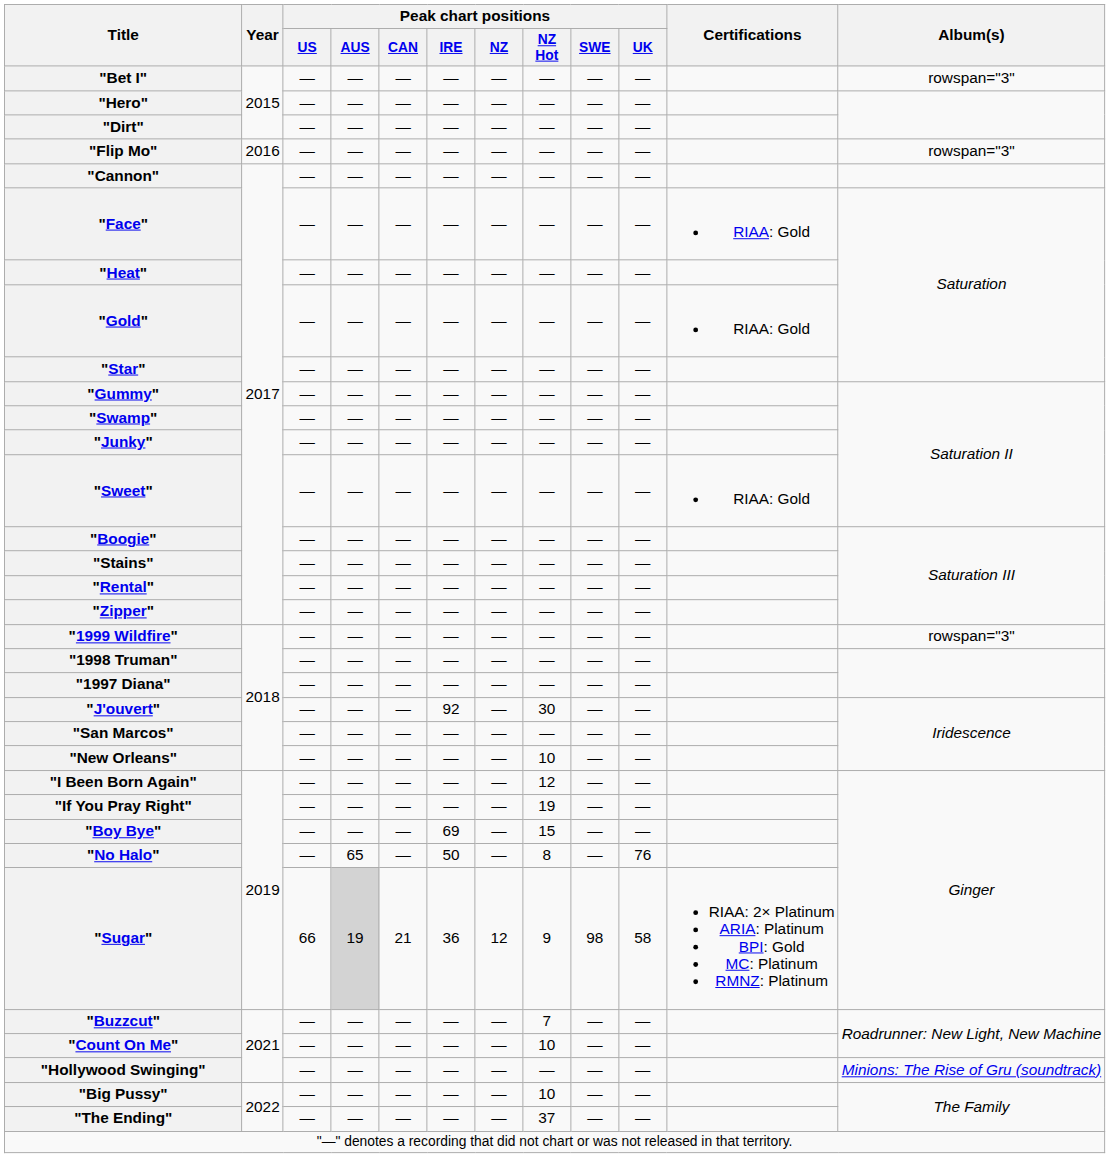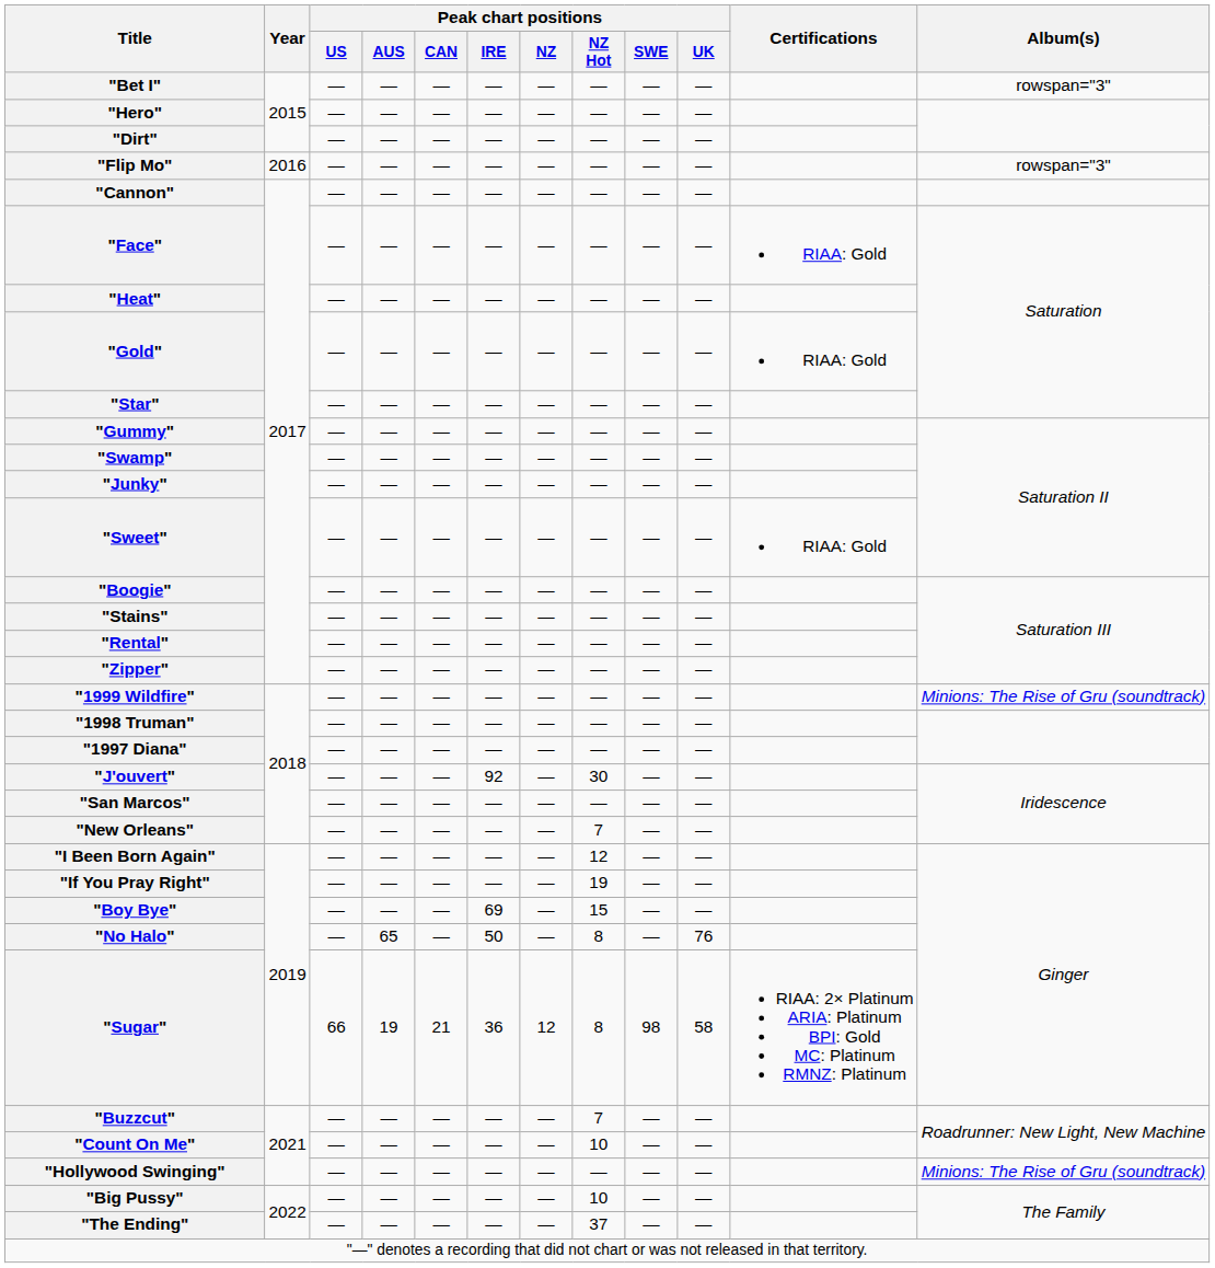 <table class="wikitable plainrowheaders" style="text-align:center">
 <tr>
 <th scope="col" rowspan="2" style="width:15em;">Title</th>
 <th scope="col" rowspan="2" style="width:2em;">Year</th>
 <th scope="col" colspan="8">Peak chart positions</th>
 <th scope="col" rowspan="2">Certifications</th>
 <th scope="col" rowspan="2">Album(s)</th>
 </tr>
 <tr>
 <th scope="col" style="width:3em;font-size:90%;"><a href='#'>US</a><br></th>
 <th scope="col" style="width:3em;font-size:90%;"><a href='#'>AUS</a><br></th>
 <th scope="col" style="width:3em;font-size:90%;"><a href='#'>CAN</a><br></th>
 <th scope="col" style="width:3em;font-size:90%;"><a href='#'>IRE</a><br></th>
 <th scope="col" style="width:3em;font-size:90%;"><a href='#'>NZ</a><br></th>
 <th scope="col" style="width:3em;font-size:90%;"><a href='#'>NZ<br>Hot</a><br></th>
 <th scope="col" style="width:3em;font-size:90%;"><a href='#'>SWE</a><br></th>
 <th scope="col" style="width:3em;font-size:90%;"><a href='#'>UK</a><br></th>
 </tr>
 <tr>
 <th scope="row">"Bet I"</th>
 <td rowspan="3">2015</td>
 <td>—</td>
 <td>—</td>
 <td>—</td>
 <td>—</td>
 <td>—</td>
 <td>—</td>
 <td>—</td>
 <td>—</td>
 <td></td>
 <td>rowspan="3" </td>
 </tr>
 <tr>
 <th scope="row">"Hero"</th>
 <td>—</td>
 <td>—</td>
 <td>—</td>
 <td>—</td>
 <td>—</td>
 <td>—</td>
 <td>—</td>
 <td>—</td>
 <td></td>
 </tr>
 <tr>
 <th scope="row">"Dirt"</th>
 <td>—</td>
 <td>—</td>
 <td>—</td>
 <td>—</td>
 <td>—</td>
 <td>—</td>
 <td>—</td>
 <td>—</td>
 <td></td>
 </tr>
 <tr>
 <th scope="row">"Flip Mo"</th>
 <td>2016</td>
 <td>—</td>
 <td>—</td>
 <td>—</td>
 <td>—</td>
 <td>—</td>
 <td>—</td>
 <td>—</td>
 <td>—</td>
 <td></td>
 <td>rowspan="3" </td>
 </tr>
 <tr>
 <th scope="row">"Cannon"</th>
 <td rowspan="13">2017</td>
 <td>—</td>
 <td>—</td>
 <td>—</td>
 <td>—</td>
 <td>—</td>
 <td>—</td>
 <td>—</td>
 <td>—</td>
 <td></td>
 <td></td>
 </tr>
 <tr>
 <th scope="row">"<a href='#'>Face</a>"</th>
 <td>—</td>
 <td>—</td>
 <td>—</td>
 <td>—</td>
 <td>—</td>
 <td>—</td>
 <td>—</td>
 <td>—</td>
 <td><br><ul><li><a href='#'>RIAA</a>: Gold</li></ul></td>
 <td rowspan="4"><em>Saturation</em></td>
 </tr>
 <tr>
 <th scope="row">"<a href='#'>Heat</a>"</th>
 <td>—</td>
 <td>—</td>
 <td>—</td>
 <td>—</td>
 <td>—</td>
 <td>—</td>
 <td>—</td>
 <td>—</td>
 <td></td>
 </tr>
 <tr>
 <th scope="row">"<a href='#'>Gold</a>"</th>
 <td>—</td>
 <td>—</td>
 <td>—</td>
 <td>—</td>
 <td>—</td>
 <td>—</td>
 <td>—</td>
 <td>—</td>
 <td><br><ul><li>RIAA: Gold</li></ul></td>
 </tr>
 <tr>
 <th scope="row">"<a href='#'>Star</a>"</th>
 <td>—</td>
 <td>—</td>
 <td>—</td>
 <td>—</td>
 <td>—</td>
 <td>—</td>
 <td>—</td>
 <td>—</td>
 <td></td>
 </tr>
 <tr>
 <th scope="row">"<a href='#'>Gummy</a>"</th>
 <td>—</td>
 <td>—</td>
 <td>—</td>
 <td>—</td>
 <td>—</td>
 <td>—</td>
 <td>—</td>
 <td>—</td>
 <td></td>
 <td rowspan="4"><em>Saturation II</em></td>
 </tr>
 <tr>
 <th scope="row">"<a href='#'>Swamp</a>"</th>
 <td>—</td>
 <td>—</td>
 <td>—</td>
 <td>—</td>
 <td>—</td>
 <td>—</td>
 <td>—</td>
 <td>—</td>
 <td></td>
 </tr>
 <tr>
 <th scope="row">"<a href='#'>Junky</a>"</th>
 <td>—</td>
 <td>—</td>
 <td>—</td>
 <td>—</td>
 <td>—</td>
 <td>—</td>
 <td>—</td>
 <td>—</td>
 <td></td>
 </tr>
 <tr>
 <th scope="row">"<a href='#'>Sweet</a>"</th>
 <td>—</td>
 <td>—</td>
 <td>—</td>
 <td>—</td>
 <td>—</td>
 <td>—</td>
 <td>—</td>
 <td>—</td>
 <td><br><ul><li>RIAA: Gold</li></ul></td>
 </tr>
 <tr>
 <th scope="row">"<a href='#'>Boogie</a>"</th>
 <td>—</td>
 <td>—</td>
 <td>—</td>
 <td>—</td>
 <td>—</td>
 <td>—</td>
 <td>—</td>
 <td>—</td>
 <td></td>
 <td rowspan="4"><em>Saturation III</em></td>
 </tr>
 <tr>
 <th scope="row">"Stains"</th>
 <td>—</td>
 <td>—</td>
 <td>—</td>
 <td>—</td>
 <td>—</td>
 <td>—</td>
 <td>—</td>
 <td>—</td>
 <td></td>
 </tr>
 <tr>
 <th scope="row">"<a href='#'>Rental</a>"</th>
 <td>—</td>
 <td>—</td>
 <td>—</td>
 <td>—</td>
 <td>—</td>
 <td>—</td>
 <td>—</td>
 <td>—</td>
 <td></td>
 </tr>
 <tr>
 <th scope="row">"<a href='#'>Zipper</a>"</th>
 <td>—</td>
 <td>—</td>
 <td>—</td>
 <td>—</td>
 <td>—</td>
 <td>—</td>
 <td>—</td>
 <td>—</td>
 <td></td>
 </tr>
 <tr>
 <th scope="row">"<a href='#'>1999 Wildfire</a>"</th>
 <td rowspan="6">2018</td>
 <td>—</td>
 <td>—</td>
 <td>—</td>
 <td>—</td>
 <td>—</td>
 <td>—</td>
 <td>—</td>
 <td>—</td>
 <td></td>
-<td>rowspan="3" </td>
+<td><em><a href='#'>Minions: The Rise of Gru (soundtrack)</a></em></td>
 </tr>
 <tr>
 <th scope="row">"1998 Truman"</th>
 <td>—</td>
 <td>—</td>
 <td>—</td>
 <td>—</td>
 <td>—</td>
 <td>—</td>
 <td>—</td>
 <td>—</td>
 <td></td>
 </tr>
 <tr>
 <th scope="row">"1997 Diana"</th>
 <td>—</td>
 <td>—</td>
 <td>—</td>
 <td>—</td>
 <td>—</td>
 <td>—</td>
 <td>—</td>
 <td>—</td>
 <td></td>
 </tr>
 <tr>
 <th scope="row">"<a href='#'>J'ouvert</a>"</th>
 <td>—</td>
 <td>—</td>
 <td>—</td>
 <td>92</td>
 <td>—</td>
 <td>30</td>
 <td>—</td>
 <td>—</td>
 <td></td>
 <td rowspan="3"><em>Iridescence</em></td>
 </tr>
 <tr>
 <th scope="row">"San Marcos"</th>
 <td>—</td>
 <td>—</td>
 <td>—</td>
 <td>—</td>
 <td>—</td>
 <td>—</td>
 <td>—</td>
 <td>—</td>
 <td></td>
 </tr>
 <tr>
 <th scope="row">"New Orleans"</th>
 <td>—</td>
 <td>—</td>
 <td>—</td>
 <td>—</td>
 <td>—</td>
-<td>10</td>
+<td>7</td>
 <td>—</td>
 <td>—</td>
 <td></td>
 </tr>
 <tr>
 <th scope="row">"I Been Born Again"</th>
 <td rowspan="5">2019</td>
 <td>—</td>
 <td>—</td>
 <td>—</td>
 <td>—</td>
 <td>—</td>
 <td>12</td>
 <td>—</td>
 <td>—</td>
 <td></td>
 <td rowspan="5"><em>Ginger</em></td>
 </tr>
 <tr>
 <th scope="row">"If You Pray Right"</th>
 <td>—</td>
 <td>—</td>
 <td>—</td>
 <td>—</td>
 <td>—</td>
 <td>19</td>
 <td>—</td>
 <td>—</td>
 <td></td>
 </tr>
 <tr>
 <th scope="row">"<a href='#'>Boy Bye</a>"</th>
 <td>—</td>
 <td>—</td>
 <td>—</td>
 <td>69</td>
 <td>—</td>
 <td>15</td>
 <td>—</td>
 <td>—</td>
 <td></td>
 </tr>
 <tr>
 <th scope="row">"<a href='#'>No Halo</a>"</th>
 <td>—</td>
 <td>65</td>
 <td>—</td>
 <td>50</td>
 <td>—</td>
 <td>8</td>
 <td>—</td>
 <td>76</td>
 <td></td>
 </tr>
 <tr>
 <th scope="row">"<a href='#'>Sugar</a>"<br></th>
 <td>66</td>
-<td style="background: lightgrey;">19</td>
+<td>19</td>
 <td>21</td>
 <td>36</td>
 <td>12</td>
-<td>9</td>
+<td>8</td>
 <td>98</td>
 <td>58</td>
 <td><br><ul><li>RIAA: 2× Platinum</li><li><a href='#'>ARIA</a>: Platinum</li><li><a href='#'>BPI</a>: Gold</li><li><a href='#'>MC</a>: Platinum</li><li><a href='#'>RMNZ</a>: Platinum</li></ul></td>
 </tr>
 <tr>
 <th scope="row">"<a href='#'>Buzzcut</a>"<br></th>
 <td rowspan="3">2021</td>
 <td>—</td>
 <td>—</td>
 <td>—</td>
 <td>—</td>
 <td>—</td>
 <td>7</td>
 <td>—</td>
 <td>—</td>
 <td></td>
 <td rowspan="2"><em>Roadrunner: New Light, New Machine</em></td>
 </tr>
 <tr>
 <th scope="row">"<a href='#'>Count On Me</a>"</th>
 <td>—</td>
 <td>—</td>
 <td>—</td>
 <td>—</td>
 <td>—</td>
 <td>10</td>
 <td>—</td>
 <td>—</td>
 <td></td>
 </tr>
 <tr>
 <th scope="row">"Hollywood Swinging"</th>
 <td>—</td>
 <td>—</td>
 <td>—</td>
 <td>—</td>
 <td>—</td>
 <td>—</td>
 <td>—</td>
 <td>—</td>
 <td></td>
 <td><em><a href='#'>Minions: The Rise of Gru (soundtrack)</a></em></td>
 </tr>
 <tr>
 <th scope="row">"Big Pussy"</th>
 <td rowspan="2">2022</td>
 <td>—</td>
 <td>—</td>
 <td>—</td>
 <td>—</td>
 <td>—</td>
 <td>10</td>
 <td>—</td>
 <td>—</td>
 <td></td>
 <td rowspan="2"><em>The Family</em></td>
 </tr>
 <tr>
 <th scope="row">"The Ending"</th>
 <td>—</td>
 <td>—</td>
 <td>—</td>
 <td>—</td>
 <td>—</td>
 <td>37</td>
 <td>—</td>
 <td>—</td>
 <td></td>
 </tr>
 <tr>
 <td colspan="12" style="font-size:90%;">"—" denotes a recording that did not chart or was not released in that territory.</td>
 </tr>
 </table>
